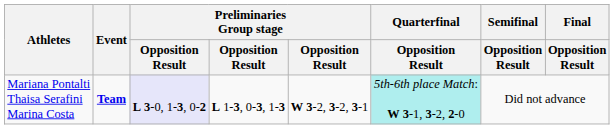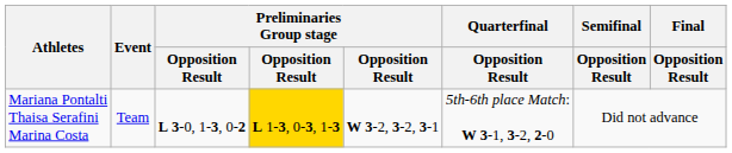 <table class="wikitable" style="font-size:90%">
 <tr>
 <th rowspan=2>Athletes</th>
 <th rowspan=2>Event</th>
 <th colspan=3>Preliminaries<br>Group stage</th>
 <th>Quarterfinal</th>
 <th>Semifinal</th>
 <th>Final</th>
 </tr>
 <tr>
 <th>Opposition<br>Result</th>
 <th>Opposition<br>Result</th>
 <th>Opposition<br>Result</th>
 <th>Opposition<br>Result</th>
 <th>Opposition<br>Result</th>
 <th>Opposition<br>Result</th>
 </tr>
 <tr>
 <td><a href='#'>Mariana Pontalti</a><br><a href='#'>Thaisa Serafini</a><br><a href='#'>Marina Costa</a></td>
-<td align=center><strong><a href='#'>Team</a></strong></td>
-<td align=center style="background: lavender;"><br><strong>L</strong> <strong>3</strong>-0, 1-<strong>3</strong>, 0-<strong>2</strong></td>
-<td align=center><br><strong>L</strong> 1-<strong>3</strong>, 0-<strong>3</strong>, 1-<strong>3</strong></td>
+<td align=center><a href='#'>Team</a></td>
+<td align=center><br><strong>L</strong> <strong>3</strong>-0, 1-<strong>3</strong>, 0-<strong>2</strong></td>
+<td align=center style="background: gold;"><br><strong>L</strong> 1-<strong>3</strong>, 0-<strong>3</strong>, 1-<strong>3</strong></td>
 <td align=center><br><strong>W</strong> <strong>3</strong>-2, <strong>3</strong>-2, <strong>3</strong>-1</td>
-<td align=center style="background: paleturquoise;"><em>5th-6th place Match</em>:<br><br><strong>W</strong> <strong>3</strong>-1, <strong>3</strong>-2, <strong>2</strong>-0</td>
+<td align=center><em>5th-6th place Match</em>:<br><br><strong>W</strong> <strong>3</strong>-1, <strong>3</strong>-2, <strong>2</strong>-0</td>
 <td align="center" colspan="7">Did not advance</td>
 </tr>
 </table>
